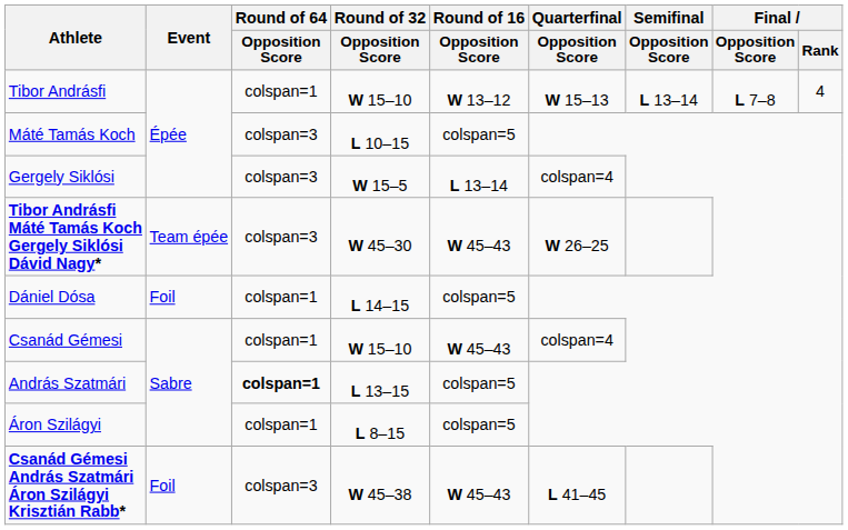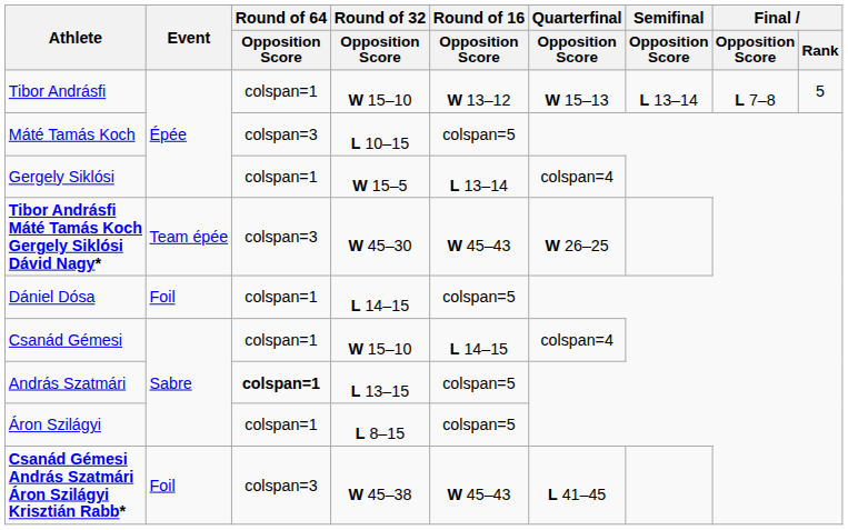 <table class="wikitable" style="font-size:90%">
 <tr>
 <th rowspan="2">Athlete</th>
 <th rowspan="2">Event</th>
 <th>Round of 64</th>
 <th>Round of 32</th>
 <th>Round of 16</th>
 <th>Quarterfinal</th>
 <th>Semifinal</th>
 <th colspan=2>Final / </th>
 </tr>
 <tr style="font-size:95%">
 <th>Opposition <br> Score</th>
 <th>Opposition <br> Score</th>
 <th>Opposition <br> Score</th>
 <th>Opposition <br> Score</th>
 <th>Opposition <br> Score</th>
 <th>Opposition <br> Score</th>
 <th>Rank</th>
 </tr>
 <tr align=center>
 <td align=left><a href='#'>Tibor Andrásfi</a></td>
 <td align=left rowspan=3><a href='#'>Épée</a></td>
 <td>colspan=1 </td>
 <td><br><strong>W</strong> 15–10</td>
 <td><br><strong>W</strong> 13–12</td>
 <td><br><strong>W</strong> 15–13</td>
 <td><br><strong>L</strong> 13–14</td>
 <td><br><strong>L</strong> 7–8</td>
-<td>4</td>
+<td>5</td>
 </tr>
 <tr align=center>
 <td align=left><a href='#'>Máté Tamás Koch</a></td>
 <td>colspan=3 </td>
 <td><br><strong>L</strong> 10–15</td>
 <td>colspan=5 </td>
 </tr>
 <tr align=center>
 <td align=left><a href='#'>Gergely Siklósi</a></td>
-<td>colspan=3 </td>
+<td>colspan=1 </td>
 <td><br><strong>W</strong> 15–5</td>
 <td><br><strong>L</strong> 13–14</td>
 <td>colspan=4 </td>
 </tr>
 <tr align=center>
 <td align=left><strong><a href='#'>Tibor Andrásfi</a><br><a href='#'>Máté Tamás Koch</a><br><a href='#'>Gergely Siklósi</a><br><a href='#'>Dávid Nagy</a>*</strong></td>
 <td align=left><a href='#'>Team épée</a></td>
 <td>colspan=3 </td>
 <td><br> <strong>W</strong> 45–30</td>
 <td><br><strong>W</strong> 45–43</td>
 <td><br><strong>W</strong> 26–25</td>
 <td></td>
 </tr>
 <tr align=center>
 <td align=left><a href='#'>Dániel Dósa</a></td>
 <td align=left><a href='#'>Foil</a></td>
 <td>colspan=1 </td>
 <td><br><strong>L</strong> 14–15</td>
 <td>colspan=5 </td>
 </tr>
 <tr align=center>
 <td align=left><a href='#'>Csanád Gémesi</a></td>
 <td align=left rowspan=3><a href='#'>Sabre</a></td>
 <td>colspan=1 </td>
 <td><br><strong>W</strong> 15–10</td>
-<td><br><strong>W</strong> 45–43</td>
+<td><br><strong>L</strong> 14–15</td>
 <td>colspan=4 </td>
 </tr>
 <tr align=center>
 <td align=left><a href='#'>András Szatmári</a></td>
 <td><strong>colspan=1 </strong></td>
 <td><br><strong>L</strong> 13–15</td>
 <td>colspan=5 </td>
 </tr>
 <tr align=center>
 <td align=left><a href='#'>Áron Szilágyi</a></td>
 <td>colspan=1 </td>
 <td><br><strong>L</strong> 8–15</td>
 <td>colspan=5 </td>
 </tr>
 <tr align=center>
 <td align=left><strong><a href='#'>Csanád Gémesi</a><br><a href='#'>András Szatmári</a><br><a href='#'>Áron Szilágyi</a><br><a href='#'>Krisztián Rabb</a>*</strong></td>
 <td align=left><a href='#'>Foil</a></td>
 <td>colspan=3 </td>
 <td><br><strong>W</strong> 45–38</td>
 <td><br><strong>W</strong> 45–43</td>
 <td><br><strong>L</strong> 41–45</td>
 <td></td>
 </tr>
 </table>
